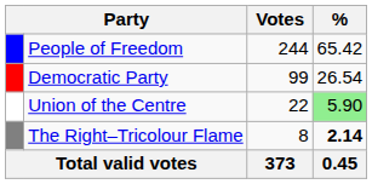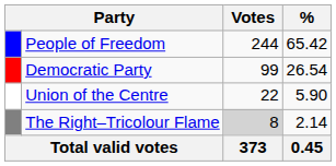 <table class="wikitable">
 <tr>
 <th colspan="2" style="width: 130px">Party</th>
 <th style="width: 50px">Votes</th>
 <th style="width: 40px">%</th>
 </tr>
 <tr>
 <td style="background-color:blue">  </td>
 <td style="text-align: left"><a href='#'>People of Freedom</a></td>
 <td style="text-align: right">244</td>
 <td style="text-align: right">65.42</td>
 </tr>
 <tr>
 <td style="background-color:red">  </td>
 <td style="text-align: left"><a href='#'>Democratic Party</a></td>
 <td style="text-align: right">99</td>
 <td style="text-align: right">26.54</td>
 </tr>
 <tr>
 <td style="background-color:white">  </td>
 <td style="text-align: left"><a href='#'>Union of the Centre</a></td>
 <td align="right">22</td>
-<td align="right" style="background: lightgreen;">5.90</td>
+<td align="right">5.90</td>
 </tr>
 <tr>
 <td style="background-color:grey">  </td>
 <td style="text-align: left"><a href='#'>The Right–Tricolour Flame</a></td>
-<td align="right">8</td>
-<td align="right"><strong>2.14</strong></td>
+<td align="right" style="background: lightgrey;">8</td>
+<td align="right">2.14</td>
 </tr>
 <tr bgcolor="white">
 <th align="right" colspan=2>Total valid votes</th>
 <th align="right">373</th>
 <th align="right">0.45</th>
 </tr>
 </table>
